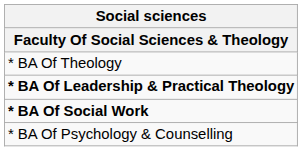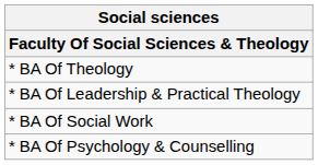 <table class="wikitable sortable" "text-align:center">
 <tr>
 <th colspan=4>Social sciences</th>
 </tr>
 <tr>
 <th>Faculty Of Social Sciences & Theology</th>
 </tr>
 <tr>
 <td>* BA Of Theology</td>
 </tr>
 <tr>
-<td><strong>* BA Of Leadership & Practical Theology</strong></td>
+<td>* BA Of Leadership & Practical Theology</td>
 </tr>
 <tr>
-<td><strong>* BA Of Social Work</strong></td>
+<td>* BA Of Social Work</td>
 </tr>
 <tr>
 <td>* BA Of Psychology & Counselling</td>
 </tr>
 </table>
